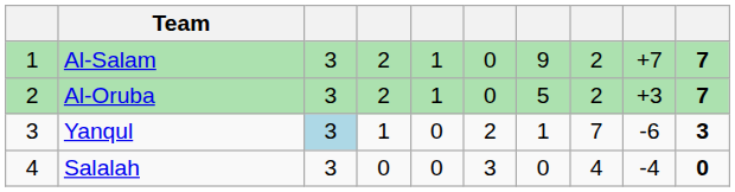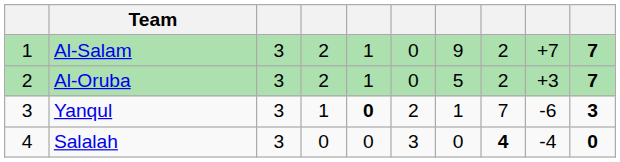 <table class="wikitable" style="text-align: center;">
 <tr>
 <th width=30></th>
 <th width=165>Team</th>
 <th width=30></th>
 <th width=30></th>
 <th width=30></th>
 <th width=30></th>
 <th width=30></th>
 <th width=30></th>
 <th width=30></th>
 <th width=30></th>
 </tr>
 <tr bgcolor=#ACE1AF>
 <td>1</td>
 <td align=left><a href='#'>Al-Salam</a></td>
 <td>3</td>
 <td>2</td>
 <td>1</td>
 <td>0</td>
 <td>9</td>
 <td>2</td>
 <td>+7</td>
 <td><strong>7</strong></td>
 </tr>
 <tr bgcolor=#ACE1AF>
 <td>2</td>
 <td align=left><a href='#'>Al-Oruba</a></td>
 <td>3</td>
 <td>2</td>
 <td>1</td>
 <td>0</td>
 <td>5</td>
 <td>2</td>
 <td>+3</td>
 <td><strong>7</strong></td>
 </tr>
 <tr>
 <td>3</td>
 <td align=left><a href='#'>Yanqul</a></td>
-<td style="background: lightblue;">3</td>
+<td>3</td>
 <td>1</td>
-<td>0</td>
+<td><strong>0</strong></td>
 <td>2</td>
 <td>1</td>
 <td>7</td>
 <td>-6</td>
 <td><strong>3</strong></td>
 </tr>
 <tr>
 <td>4</td>
 <td align=left><a href='#'>Salalah</a></td>
 <td>3</td>
 <td>0</td>
 <td>0</td>
 <td>3</td>
 <td>0</td>
-<td>4</td>
+<td><strong>4</strong></td>
 <td>-4</td>
 <td><strong>0</strong></td>
 </tr>
 </table>
